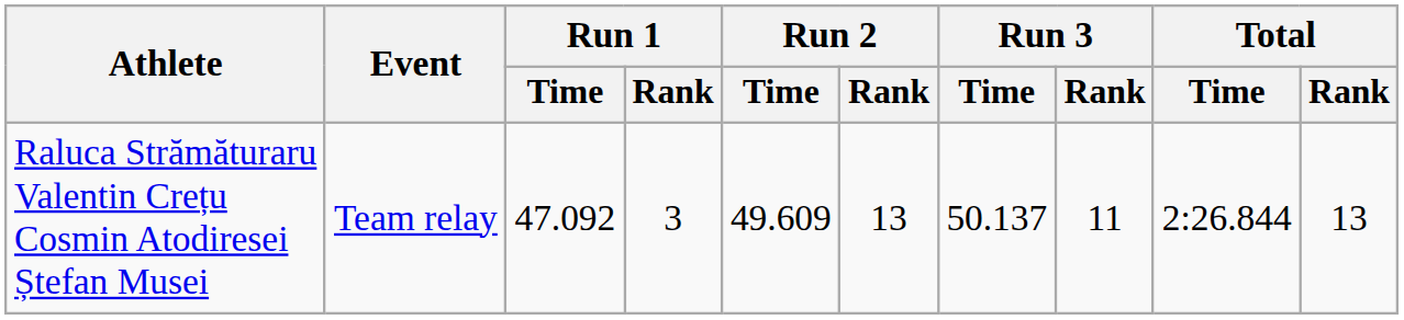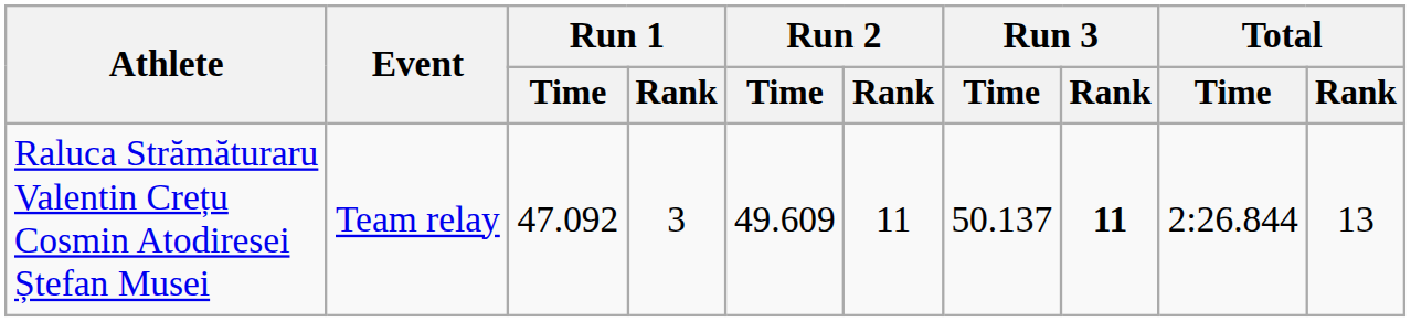 <table class="wikitable" style="font-size:90%">
 <tr>
 <th rowspan="2">Athlete</th>
 <th rowspan="2">Event</th>
 <th colspan=2>Run 1</th>
 <th colspan=2>Run 2</th>
 <th colspan=2>Run 3</th>
 <th colspan=2>Total</th>
 </tr>
 <tr style="font-size:95%">
 <th>Time</th>
 <th>Rank</th>
 <th>Time</th>
 <th>Rank</th>
 <th>Time</th>
 <th>Rank</th>
 <th>Time</th>
 <th>Rank</th>
 </tr>
 <tr align=center>
 <td align=left><a href='#'>Raluca Strămăturaru</a><br><a href='#'>Valentin Crețu</a><br><a href='#'>Cosmin Atodiresei</a><br><a href='#'>Ștefan Musei</a></td>
 <td align=left><a href='#'>Team relay</a></td>
 <td>47.092</td>
 <td>3</td>
 <td>49.609</td>
-<td>13</td>
+<td>11</td>
 <td>50.137</td>
-<td>11</td>
+<td><strong>11</strong></td>
 <td>2:26.844</td>
 <td>13</td>
 </tr>
 </table>
